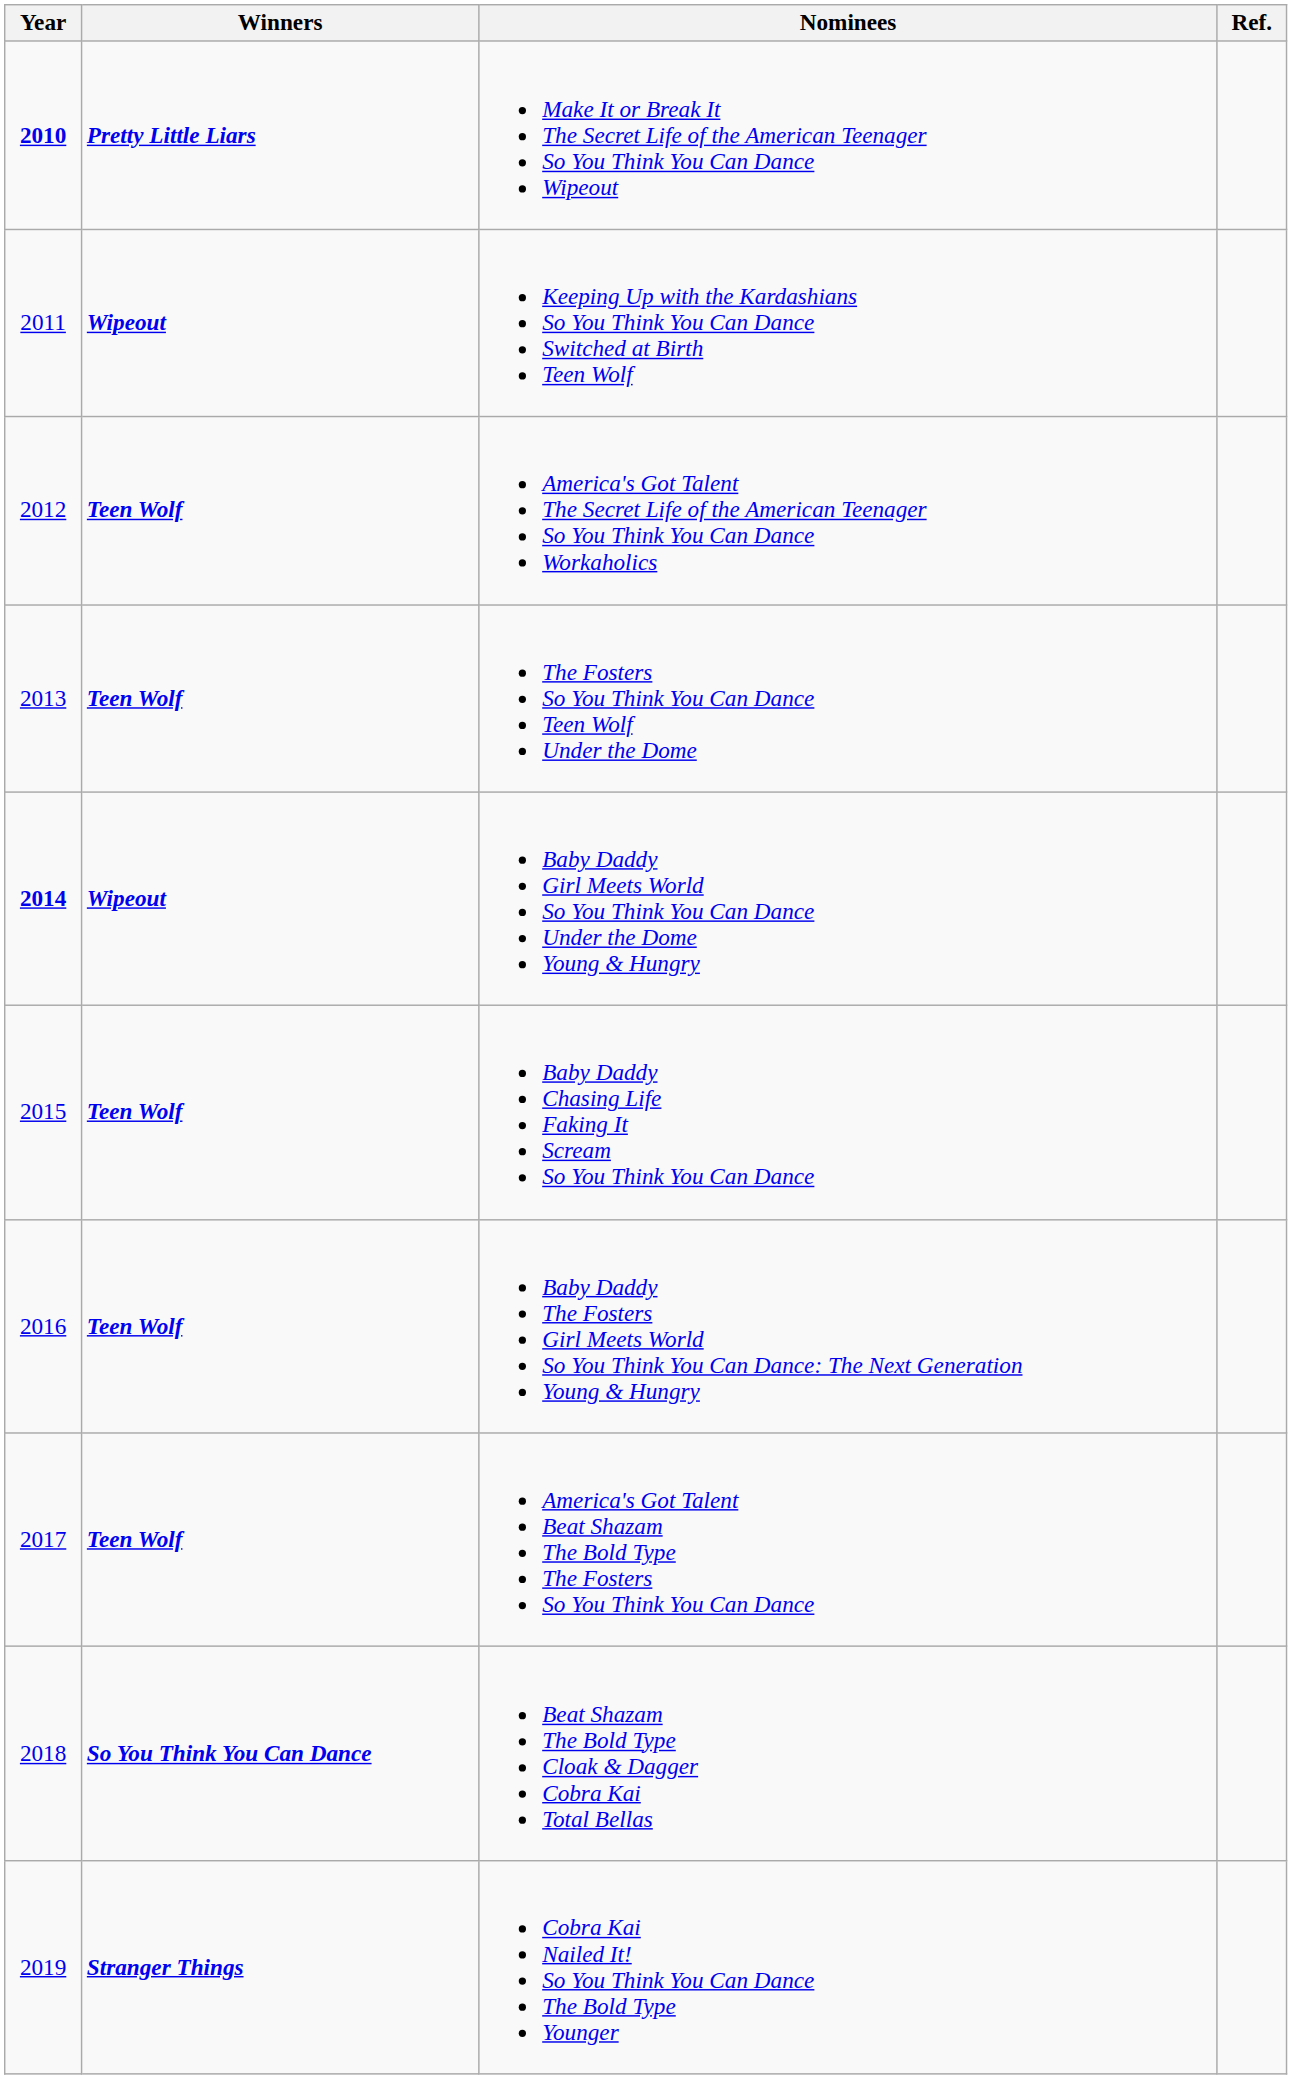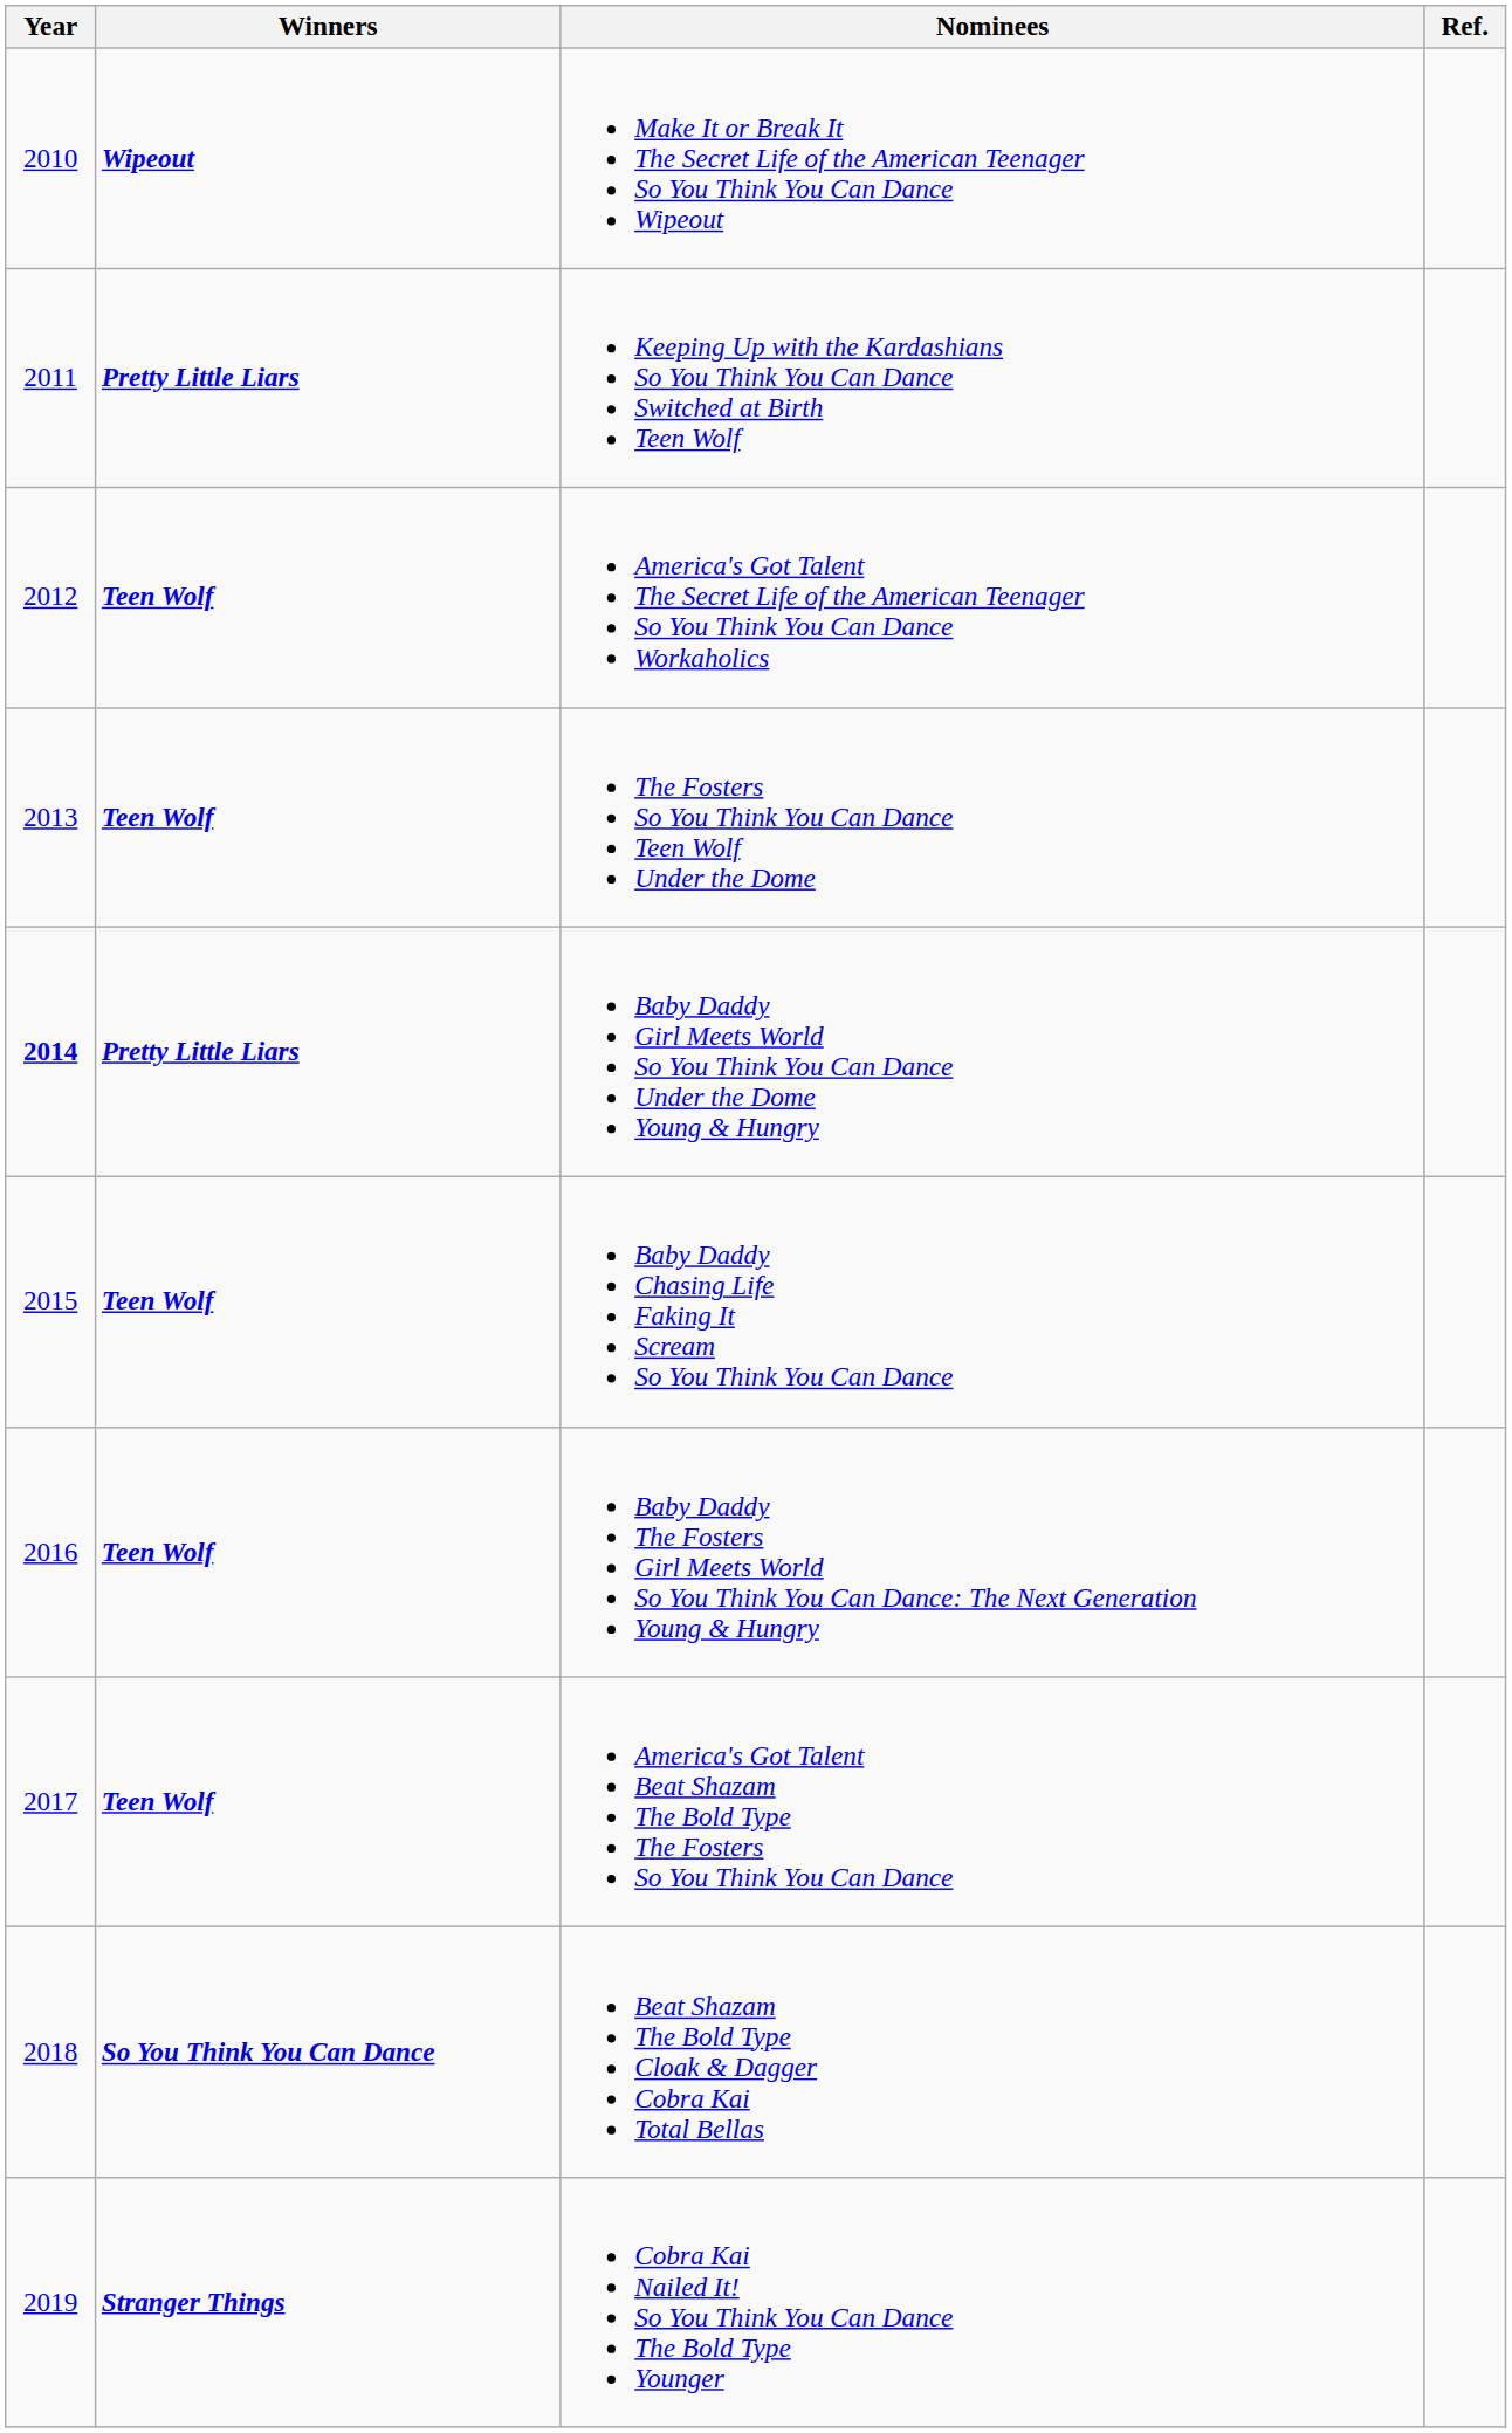 <table class="wikitable" width=70%>
 <tr>
 <th>Year</th>
 <th>Winners</th>
 <th>Nominees</th>
 <th>Ref.</th>
 </tr>
 <tr>
-<td align="center"><strong><a href='#'>2010</a></strong></td>
-<td><strong><em><a href='#'>Pretty Little Liars</a></em></strong></td>
+<td align="center"><a href='#'>2010</a></td>
+<td><strong><em><a href='#'>Wipeout</a></em></strong></td>
 <td><br><ul><li><em><a href='#'>Make It or Break It</a></em></li><li><em><a href='#'>The Secret Life of the American Teenager</a></em></li><li><em><a href='#'>So You Think You Can Dance</a></em></li><li><em><a href='#'>Wipeout</a></em></li></ul></td>
 <td align="center"></td>
 </tr>
 <tr>
 <td align="center"><a href='#'>2011</a></td>
-<td><strong><em><a href='#'>Wipeout</a></em></strong></td>
+<td><strong><em><a href='#'>Pretty Little Liars</a></em></strong></td>
 <td><br><ul><li><em><a href='#'>Keeping Up with the Kardashians</a></em></li><li><em><a href='#'>So You Think You Can Dance</a></em></li><li><em><a href='#'>Switched at Birth</a></em></li><li><em><a href='#'>Teen Wolf</a></em></li></ul></td>
 <td align="center"></td>
 </tr>
 <tr>
 <td align="center"><a href='#'>2012</a></td>
 <td><strong><em><a href='#'>Teen Wolf</a></em></strong></td>
 <td><br><ul><li><em><a href='#'>America's Got Talent</a></em></li><li><em><a href='#'>The Secret Life of the American Teenager</a></em></li><li><em><a href='#'>So You Think You Can Dance</a></em></li><li><em><a href='#'>Workaholics</a></em></li></ul></td>
 <td align="center"></td>
 </tr>
 <tr>
 <td align="center"><a href='#'>2013</a></td>
 <td><strong><em><a href='#'>Teen Wolf</a></em></strong></td>
 <td><br><ul><li><em><a href='#'>The Fosters</a></em></li><li><em><a href='#'>So You Think You Can Dance</a></em></li><li><em><a href='#'>Teen Wolf</a></em></li><li><em><a href='#'>Under the Dome</a></em></li></ul></td>
 <td align="center"></td>
 </tr>
 <tr>
 <td align="center"><strong><a href='#'>2014</a></strong></td>
-<td><strong><em><a href='#'>Wipeout</a></em></strong></td>
+<td><strong><em><a href='#'>Pretty Little Liars</a></em></strong></td>
 <td><br><ul><li><em><a href='#'>Baby Daddy</a></em></li><li><em><a href='#'>Girl Meets World</a></em></li><li><em><a href='#'>So You Think You Can Dance</a></em></li><li><em><a href='#'>Under the Dome</a></em></li><li><em><a href='#'>Young & Hungry</a></em></li></ul></td>
 <td align="center"></td>
 </tr>
 <tr>
 <td align="center"><a href='#'>2015</a></td>
 <td><strong><em><a href='#'>Teen Wolf</a></em></strong></td>
 <td><br><ul><li><em><a href='#'>Baby Daddy</a></em></li><li><em><a href='#'>Chasing Life</a></em></li><li><em><a href='#'>Faking It</a></em></li><li><em><a href='#'>Scream</a></em></li><li><em><a href='#'>So You Think You Can Dance</a></em></li></ul></td>
 <td align="center"></td>
 </tr>
 <tr>
 <td align="center"><a href='#'>2016</a></td>
 <td><strong><em><a href='#'>Teen Wolf</a></em></strong></td>
 <td><br><ul><li><em><a href='#'>Baby Daddy</a></em></li><li><em><a href='#'>The Fosters</a></em></li><li><em><a href='#'>Girl Meets World</a></em></li><li><em><a href='#'>So You Think You Can Dance: The Next Generation</a></em></li><li><em><a href='#'>Young & Hungry</a></em></li></ul></td>
 <td align="center"></td>
 </tr>
 <tr>
 <td align="center"><a href='#'>2017</a></td>
 <td><strong><em><a href='#'>Teen Wolf</a></em></strong></td>
 <td><br><ul><li><em><a href='#'>America's Got Talent</a></em></li><li><em><a href='#'>Beat Shazam</a></em></li><li><em><a href='#'>The Bold Type</a></em></li><li><em><a href='#'>The Fosters</a></em></li><li><em><a href='#'>So You Think You Can Dance</a></em></li></ul></td>
 <td align="center"></td>
 </tr>
 <tr>
 <td align="center"><a href='#'>2018</a></td>
 <td><strong><em><a href='#'>So You Think You Can Dance</a></em></strong></td>
 <td><br><ul><li><em><a href='#'>Beat Shazam</a></em></li><li><em><a href='#'>The Bold Type</a></em></li><li><em><a href='#'>Cloak & Dagger</a></em></li><li><em><a href='#'>Cobra Kai</a></em></li><li><em><a href='#'>Total Bellas</a></em></li></ul></td>
 <td align="center"></td>
 </tr>
 <tr>
 <td align="center"><a href='#'>2019</a></td>
 <td><strong><em><a href='#'>Stranger Things</a></em></strong></td>
 <td><br><ul><li><em><a href='#'>Cobra Kai</a></em></li><li><em><a href='#'>Nailed It!</a></em></li><li><em><a href='#'>So You Think You Can Dance</a></em></li><li><em><a href='#'>The Bold Type</a></em></li><li><em><a href='#'>Younger</a></em></li></ul></td>
 <td align="center"></td>
 </tr>
 </table>
